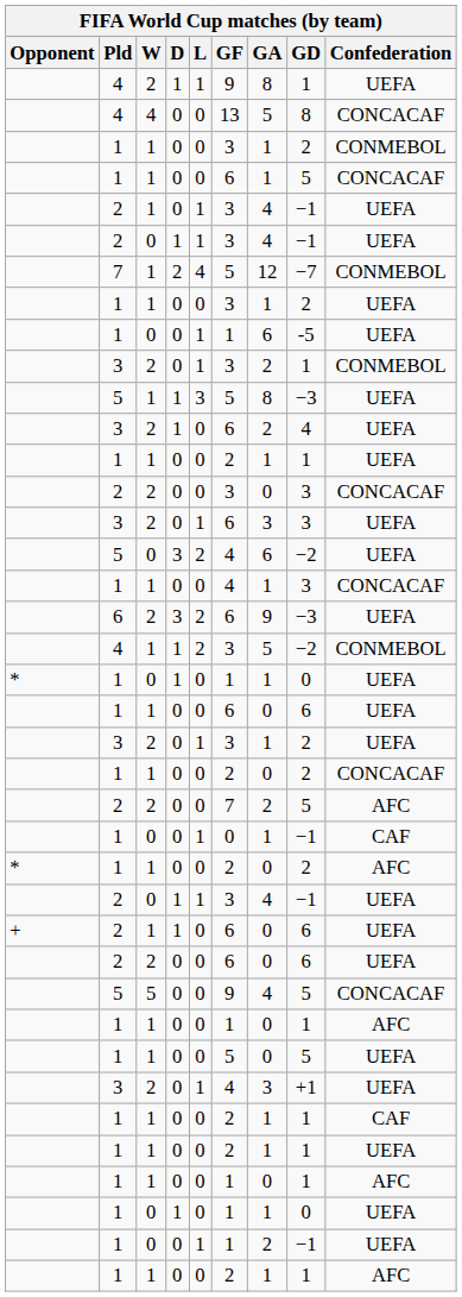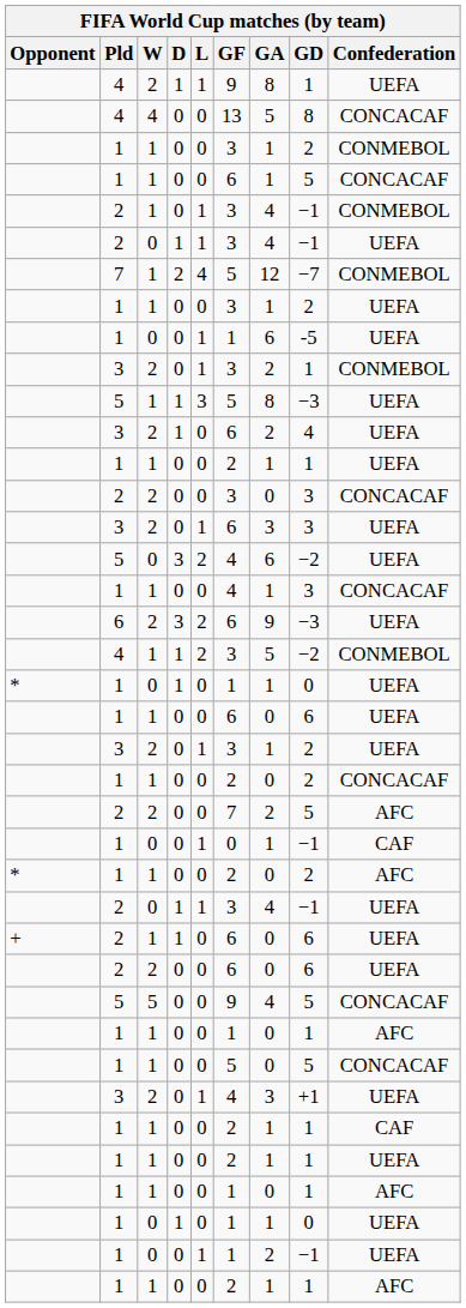 <table class="wikitable sortable" style="text-align: center;">
 <tr>
 <th colspan=9>FIFA World Cup matches (by team)</th>
 </tr>
 <tr>
 <th>Opponent</th>
 <th>Pld</th>
 <th>W</th>
 <th>D</th>
 <th>L</th>
 <th>GF</th>
 <th>GA</th>
 <th>GD</th>
 <th>Confederation</th>
 </tr>
 <tr>
 <td align="left"><strong></strong></td>
 <td>4</td>
 <td>2</td>
 <td>1</td>
 <td>1</td>
 <td>9</td>
 <td>8</td>
 <td>1</td>
 <td>UEFA</td>
 </tr>
 <tr>
 <td align="left"></td>
 <td>4</td>
 <td>4</td>
 <td>0</td>
 <td>0</td>
 <td>13</td>
 <td>5</td>
 <td>8</td>
 <td>CONCACAF</td>
 </tr>
 <tr>
 <td align="left"></td>
 <td>1</td>
 <td>1</td>
 <td>0</td>
 <td>0</td>
 <td>3</td>
 <td>1</td>
 <td>2</td>
 <td>CONMEBOL</td>
 </tr>
 <tr>
 <td align="left"></td>
 <td>1</td>
 <td>1</td>
 <td>0</td>
 <td>0</td>
 <td>6</td>
 <td>1</td>
 <td>5</td>
 <td>CONCACAF</td>
 </tr>
 <tr>
 <td align="left"><strong></strong></td>
 <td>2</td>
 <td>1</td>
 <td>0</td>
 <td>1</td>
 <td>3</td>
 <td>4</td>
 <td>−1</td>
-<td>UEFA</td>
+<td>CONMEBOL</td>
 </tr>
 <tr>
 <td align="left"><em></em></td>
 <td>2</td>
 <td>0</td>
 <td>1</td>
 <td>1</td>
 <td>3</td>
 <td>4</td>
 <td>−1</td>
 <td>UEFA</td>
 </tr>
 <tr>
 <td align="left"><strong></strong></td>
 <td>7</td>
 <td>1</td>
 <td>2</td>
 <td>4</td>
 <td>5</td>
 <td>12</td>
 <td>−7</td>
 <td>CONMEBOL</td>
 </tr>
 <tr>
 <td align="left"></td>
 <td>1</td>
 <td>1</td>
 <td>0</td>
 <td>0</td>
 <td>3</td>
 <td>1</td>
 <td>2</td>
 <td>UEFA</td>
 </tr>
 <tr>
 <td align="left"></td>
 <td>1</td>
 <td>0</td>
 <td>0</td>
 <td>1</td>
 <td>1</td>
 <td>6</td>
 <td>-5</td>
 <td>UEFA</td>
 </tr>
 <tr>
 <td align="left"><em></em></td>
 <td>3</td>
 <td>2</td>
 <td>0</td>
 <td>1</td>
 <td>3</td>
 <td>2</td>
 <td>1</td>
 <td>CONMEBOL</td>
 </tr>
 <tr>
 <td align="left"><strong></strong></td>
 <td>5</td>
 <td>1</td>
 <td>1</td>
 <td>3</td>
 <td>5</td>
 <td>8</td>
 <td>−3</td>
 <td>UEFA</td>
 </tr>
 <tr>
 <td align="left"></td>
 <td>3</td>
 <td>2</td>
 <td>1</td>
 <td>0</td>
 <td>6</td>
 <td>2</td>
 <td>4</td>
 <td>UEFA</td>
 </tr>
 <tr>
 <td align="left"><strong></strong></td>
 <td>1</td>
 <td>1</td>
 <td>0</td>
 <td>0</td>
 <td>2</td>
 <td>1</td>
 <td>1</td>
 <td>UEFA</td>
 </tr>
 <tr>
 <td align="left"></td>
 <td>2</td>
 <td>2</td>
 <td>0</td>
 <td>0</td>
 <td>3</td>
 <td>0</td>
 <td>3</td>
 <td>CONCACAF</td>
 </tr>
 <tr>
 <td align="left"></td>
 <td>3</td>
 <td>2</td>
 <td>0</td>
 <td>1</td>
 <td>6</td>
 <td>3</td>
 <td>3</td>
 <td>UEFA</td>
 </tr>
 <tr>
 <td align="left"><strong></strong></td>
 <td>5</td>
 <td>0</td>
 <td>3</td>
 <td>2</td>
 <td>4</td>
 <td>6</td>
 <td>−2</td>
 <td>UEFA</td>
 </tr>
 <tr>
 <td align="left"></td>
 <td>1</td>
 <td>1</td>
 <td>0</td>
 <td>0</td>
 <td>4</td>
 <td>1</td>
 <td>3</td>
 <td>CONCACAF</td>
 </tr>
 <tr>
 <td align="left"></td>
 <td>6</td>
 <td>2</td>
 <td>3</td>
 <td>2</td>
 <td>6</td>
 <td>9</td>
 <td>−3</td>
 <td>UEFA</td>
 </tr>
 <tr>
 <td align="left"><strong></strong></td>
 <td>4</td>
 <td>1</td>
 <td>1</td>
 <td>2</td>
 <td>3</td>
 <td>5</td>
 <td>−2</td>
 <td>CONMEBOL</td>
 </tr>
 <tr>
 <td align="left">*</td>
 <td>1</td>
 <td>0</td>
 <td>1</td>
 <td>0</td>
 <td>1</td>
 <td>1</td>
 <td>0</td>
 <td>UEFA</td>
 </tr>
 <tr>
 <td align="left"></td>
 <td>1</td>
 <td>1</td>
 <td>0</td>
 <td>0</td>
 <td>6</td>
 <td>0</td>
 <td>6</td>
 <td>UEFA</td>
 </tr>
 <tr>
 <td align="left"></td>
 <td>3</td>
 <td>2</td>
 <td>0</td>
 <td>1</td>
 <td>3</td>
 <td>1</td>
 <td>2</td>
 <td>UEFA</td>
 </tr>
 <tr>
 <td align="left"></td>
 <td>1</td>
 <td>1</td>
 <td>0</td>
 <td>0</td>
 <td>2</td>
 <td>0</td>
 <td>2</td>
 <td>CONCACAF</td>
 </tr>
 <tr>
 <td align="left"></td>
 <td>2</td>
 <td>2</td>
 <td>0</td>
 <td>0</td>
 <td>7</td>
 <td>2</td>
 <td>5</td>
 <td>AFC</td>
 </tr>
 <tr>
 <td align="left"></td>
 <td>1</td>
 <td>0</td>
 <td>0</td>
 <td>1</td>
 <td>0</td>
 <td>1</td>
 <td>−1</td>
 <td>CAF</td>
 </tr>
 <tr>
 <td align="left">*</td>
 <td>1</td>
 <td>1</td>
 <td>0</td>
 <td>0</td>
 <td>2</td>
 <td>0</td>
 <td>2</td>
 <td>AFC</td>
 </tr>
 <tr>
 <td align="left"></td>
 <td>2</td>
 <td>0</td>
 <td>1</td>
 <td>1</td>
 <td>3</td>
 <td>4</td>
 <td>−1</td>
 <td>UEFA</td>
 </tr>
 <tr>
 <td align="left">+</td>
 <td>2</td>
 <td>1</td>
 <td>1</td>
 <td>0</td>
 <td>6</td>
 <td>0</td>
 <td>6</td>
 <td>UEFA</td>
 </tr>
 <tr>
 <td align="left"><em></em></td>
 <td>2</td>
 <td>2</td>
 <td>0</td>
 <td>0</td>
 <td>6</td>
 <td>0</td>
 <td>6</td>
 <td>UEFA</td>
 </tr>
 <tr>
 <td align="left"></td>
 <td>5</td>
 <td>5</td>
 <td>0</td>
 <td>0</td>
 <td>9</td>
 <td>4</td>
 <td>5</td>
 <td>CONCACAF</td>
 </tr>
 <tr>
 <td align="left"><em></em></td>
 <td>1</td>
 <td>1</td>
 <td>0</td>
 <td>0</td>
 <td>1</td>
 <td>0</td>
 <td>1</td>
 <td>AFC</td>
 </tr>
 <tr>
 <td align="left"></td>
 <td>1</td>
 <td>1</td>
 <td>0</td>
 <td>0</td>
 <td>5</td>
 <td>0</td>
 <td>5</td>
-<td>UEFA</td>
+<td>CONCACAF</td>
 </tr>
 <tr>
 <td align="left"></td>
 <td>3</td>
 <td>2</td>
 <td>0</td>
 <td>1</td>
 <td>4</td>
 <td>3</td>
 <td>+1</td>
 <td>UEFA</td>
 </tr>
 <tr>
 <td align="left"><em></em></td>
 <td>1</td>
 <td>1</td>
 <td>0</td>
 <td>0</td>
 <td>2</td>
 <td>1</td>
 <td>1</td>
 <td>CAF</td>
 </tr>
 <tr>
 <td align="left"><em></em></td>
 <td>1</td>
 <td>1</td>
 <td>0</td>
 <td>0</td>
 <td>2</td>
 <td>1</td>
 <td>1</td>
 <td>UEFA</td>
 </tr>
 <tr>
 <td align="left"></td>
 <td>1</td>
 <td>1</td>
 <td>0</td>
 <td>0</td>
 <td>1</td>
 <td>0</td>
 <td>1</td>
 <td>AFC</td>
 </tr>
 <tr>
 <td align="left"><em></em></td>
 <td>1</td>
 <td>0</td>
 <td>1</td>
 <td>0</td>
 <td>1</td>
 <td>1</td>
 <td>0</td>
 <td>UEFA</td>
 </tr>
 <tr>
 <td align="left"></td>
 <td>1</td>
 <td>0</td>
 <td>0</td>
 <td>1</td>
 <td>1</td>
 <td>2</td>
 <td>−1</td>
 <td>UEFA</td>
 </tr>
 <tr>
 <td align="left"></td>
 <td>1</td>
 <td>1</td>
 <td>0</td>
 <td>0</td>
 <td>2</td>
 <td>1</td>
 <td>1</td>
 <td>AFC</td>
 </tr>
 </table>
